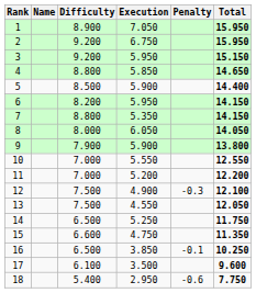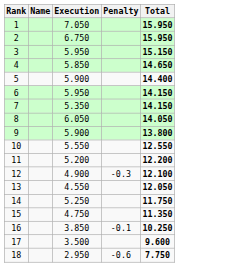 <table class="wikitable sortable" style="text-align:center">
 <tr>
 <th>Rank</th>
 <th>Name</th>
-<th>Difficulty</th>
 <th>Execution</th>
 <th>Penalty</th>
 <th>Total</th>
 </tr>
 <tr bgcolor=ccffcc>
 <td>1</td>
 <td align="left"></td>
-<td>8.900</td>
 <td>7.050</td>
 <td></td>
 <td><strong>15.950</strong></td>
 </tr>
 <tr bgcolor=ccffcc>
 <td>2</td>
 <td align="left"></td>
-<td>9.200</td>
 <td>6.750</td>
 <td></td>
 <td><strong>15.950</strong></td>
 </tr>
 <tr bgcolor=ccffcc>
 <td>3</td>
 <td align="left"></td>
-<td>9.200</td>
 <td>5.950</td>
 <td></td>
 <td><strong>15.150</strong></td>
 </tr>
 <tr bgcolor=ccffcc>
 <td>4</td>
 <td align="left"></td>
-<td>8.800</td>
 <td>5.850</td>
 <td></td>
 <td><strong>14.650</strong></td>
 </tr>
 <tr>
 <td>5</td>
 <td align="left"></td>
-<td>8.500</td>
 <td>5.900</td>
 <td></td>
 <td><strong>14.400</strong></td>
 </tr>
 <tr bgcolor=ccffcc>
 <td>6</td>
 <td align="left"></td>
-<td>8.200</td>
 <td>5.950</td>
 <td></td>
 <td><strong>14.150</strong></td>
 </tr>
 <tr bgcolor=ccffcc>
 <td>7</td>
 <td align="left"></td>
-<td>8.800</td>
 <td>5.350</td>
 <td></td>
 <td><strong>14.150</strong></td>
 </tr>
 <tr bgcolor=ccffcc>
 <td>8</td>
 <td align="left"></td>
-<td>8.000</td>
 <td>6.050</td>
 <td></td>
 <td><strong>14.050</strong></td>
 </tr>
 <tr bgcolor=ccffcc>
 <td>9</td>
 <td align="left"></td>
-<td>7.900</td>
 <td>5.900</td>
 <td></td>
 <td><strong>13.800</strong></td>
 </tr>
 <tr>
 <td>10</td>
 <td align="left"></td>
-<td>7.000</td>
 <td>5.550</td>
 <td></td>
 <td><strong>12.550</strong></td>
 </tr>
 <tr>
 <td>11</td>
 <td align="left"></td>
-<td>7.000</td>
 <td>5.200</td>
 <td></td>
 <td><strong>12.200</strong></td>
 </tr>
 <tr>
 <td>12</td>
 <td align="left"></td>
-<td>7.500</td>
 <td>4.900</td>
 <td>-0.3</td>
 <td><strong>12.100</strong></td>
 </tr>
 <tr>
 <td>13</td>
 <td align="left"></td>
-<td>7.500</td>
 <td>4.550</td>
 <td></td>
 <td><strong>12.050</strong></td>
 </tr>
 <tr>
 <td>14</td>
 <td align="left"></td>
-<td>6.500</td>
 <td>5.250</td>
 <td></td>
 <td><strong>11.750</strong></td>
 </tr>
 <tr>
 <td>15</td>
 <td align="left"></td>
-<td>6.600</td>
 <td>4.750</td>
 <td></td>
 <td><strong>11.350</strong></td>
 </tr>
 <tr>
 <td>16</td>
 <td align="left"></td>
-<td>6.500</td>
 <td>3.850</td>
 <td>-0.1</td>
 <td><strong>10.250</strong></td>
 </tr>
 <tr>
 <td>17</td>
 <td align="left"></td>
-<td>6.100</td>
 <td>3.500</td>
 <td></td>
 <td><strong>9.600</strong></td>
 </tr>
 <tr>
 <td>18</td>
 <td align="left"></td>
-<td>5.400</td>
 <td>2.950</td>
 <td>-0.6</td>
 <td><strong>7.750</strong></td>
 </tr>
 </table>
